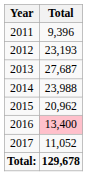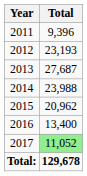 <table class="wikitable sortable" style="text-align: center;">
 <tr>
 <th>Year</th>
 <th>Total</th>
 </tr>
 <tr>
 <td>2011</td>
 <td>9,396</td>
 </tr>
 <tr>
 <td>2012</td>
 <td>23,193</td>
 </tr>
 <tr>
 <td>2013</td>
 <td>27,687</td>
 </tr>
 <tr>
 <td>2014</td>
 <td>23,988</td>
 </tr>
 <tr>
 <td>2015</td>
 <td>20,962</td>
 </tr>
 <tr>
 <td>2016</td>
-<td style="background: pink;">13,400</td>
+<td>13,400</td>
 </tr>
 <tr>
 <td>2017</td>
-<td>11,052</td>
+<td style="background: lightgreen;">11,052</td>
 </tr>
 <tr>
 <td><strong>Total:</strong></td>
 <td style="text-align: left;"><strong>129,678</strong></td>
 </tr>
 </table>
